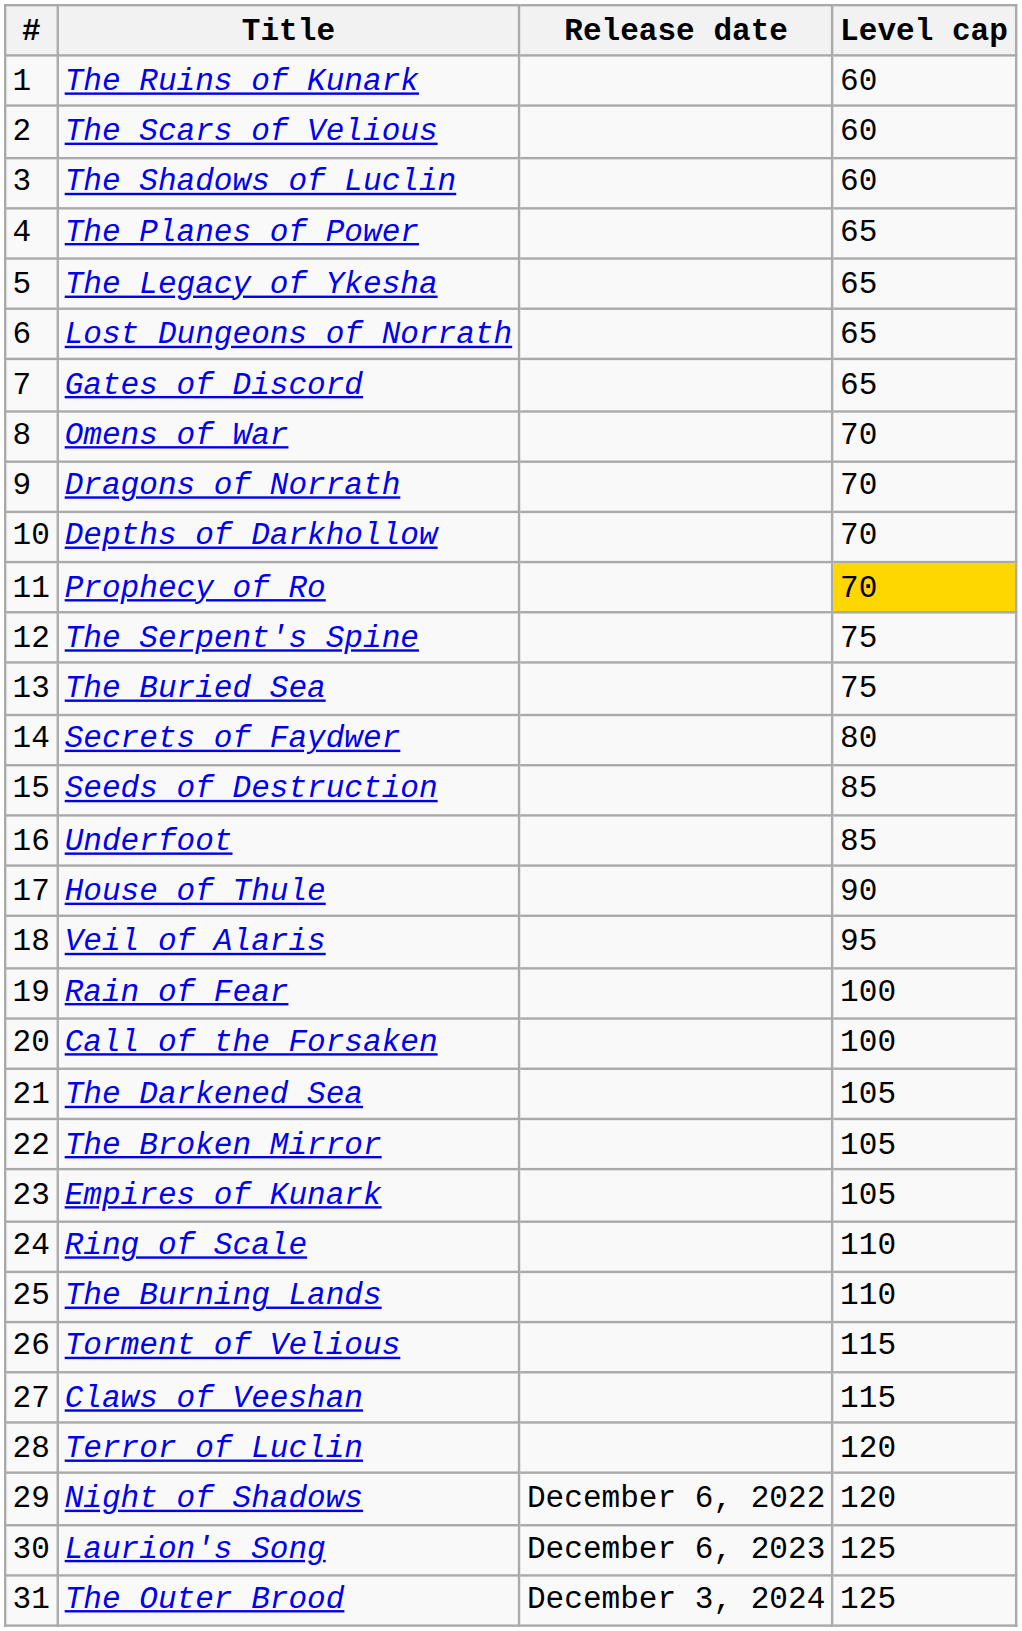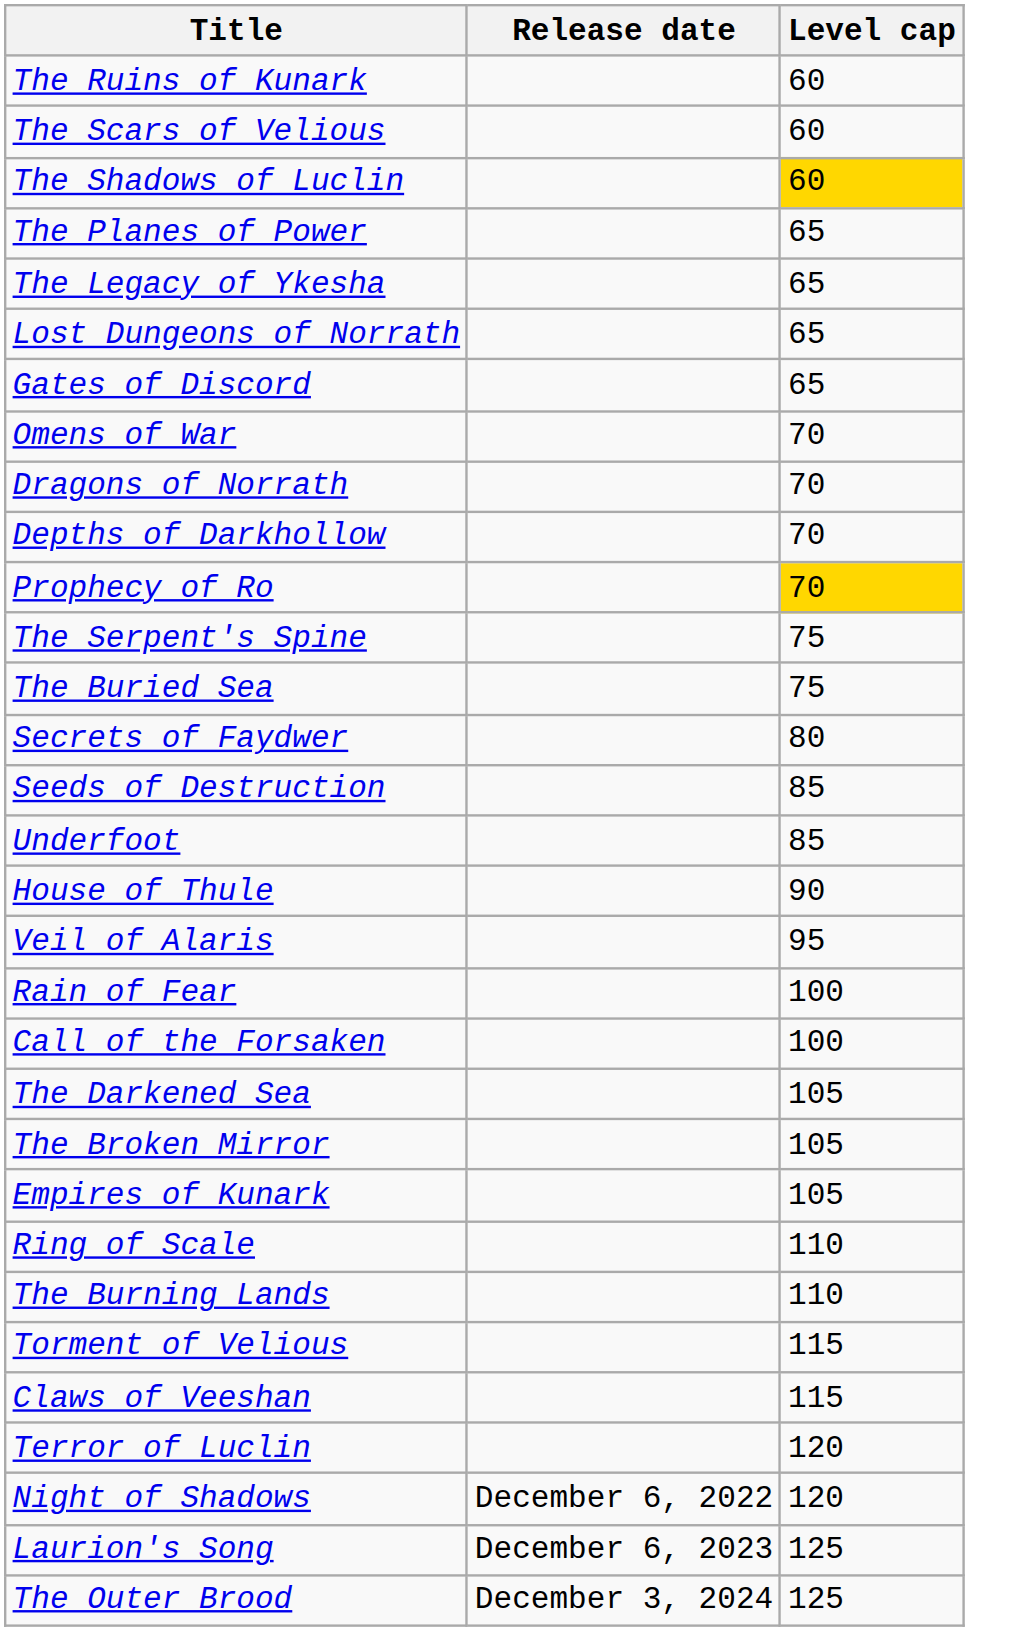 <table class="wikitable sortable">
 <tr>
-<th>#</th>
 <th>Title</th>
 <th>Release date</th>
 <th>Level cap</th>
 </tr>
 <tr>
-<td>1</td>
 <td data-sort-value="Ruins of Kunark"><em><a href='#'>The Ruins of Kunark</a></em></td>
 <td></td>
 <td>60</td>
 </tr>
 <tr>
-<td>2</td>
 <td data-sort-value="Scars of Velious"><em><a href='#'>The Scars of Velious</a></em></td>
 <td></td>
 <td>60</td>
 </tr>
 <tr>
-<td>3</td>
 <td data-sort-value="Shadows of Luclin"><em><a href='#'>The Shadows of Luclin</a></em></td>
 <td></td>
-<td>60</td>
+<td style="background: gold;">60</td>
 </tr>
 <tr>
-<td>4</td>
 <td data-sort-value="Planes of Power"><em><a href='#'>The Planes of Power</a></em></td>
 <td></td>
 <td>65</td>
 </tr>
 <tr>
-<td>5</td>
 <td data-sort-value="Legacy of the Ykesha"><em><a href='#'>The Legacy of Ykesha</a></em></td>
 <td></td>
 <td>65</td>
 </tr>
 <tr>
-<td>6</td>
 <td><em><a href='#'>Lost Dungeons of Norrath</a></em></td>
 <td></td>
 <td>65</td>
 </tr>
 <tr>
-<td>7</td>
 <td><em><a href='#'>Gates of Discord</a></em></td>
 <td></td>
 <td>65</td>
 </tr>
 <tr>
-<td>8</td>
 <td><em><a href='#'>Omens of War</a></em></td>
 <td></td>
 <td>70</td>
 </tr>
 <tr>
-<td>9</td>
 <td><em><a href='#'>Dragons of Norrath</a></em></td>
 <td></td>
 <td>70</td>
 </tr>
 <tr>
-<td>10</td>
 <td><em><a href='#'>Depths of Darkhollow</a></em></td>
 <td></td>
 <td>70</td>
 </tr>
 <tr>
-<td>11</td>
 <td><em><a href='#'>Prophecy of Ro</a></em></td>
 <td></td>
 <td style="background: gold;">70</td>
 </tr>
 <tr>
-<td>12</td>
 <td data-sort-value="Serpent's Spine"><em><a href='#'>The Serpent's Spine</a></em></td>
 <td></td>
 <td>75</td>
 </tr>
 <tr>
-<td>13</td>
 <td data-sort-value="Buried Sea"><em><a href='#'>The Buried Sea</a></em></td>
 <td></td>
 <td>75</td>
 </tr>
 <tr>
-<td>14</td>
 <td><em><a href='#'>Secrets of Faydwer</a></em></td>
 <td></td>
 <td>80</td>
 </tr>
 <tr>
-<td>15</td>
 <td><em><a href='#'>Seeds of Destruction</a></em></td>
 <td></td>
 <td>85</td>
 </tr>
 <tr>
-<td>16</td>
 <td><em><a href='#'>Underfoot</a></em></td>
 <td></td>
 <td>85</td>
 </tr>
 <tr>
-<td>17</td>
 <td><em><a href='#'>House of Thule</a></em></td>
 <td></td>
 <td>90</td>
 </tr>
 <tr>
-<td>18</td>
 <td><em><a href='#'>Veil of Alaris</a></em></td>
 <td></td>
 <td>95</td>
 </tr>
 <tr>
-<td>19</td>
 <td><em><a href='#'>Rain of Fear</a></em></td>
 <td></td>
 <td>100</td>
 </tr>
 <tr>
-<td>20</td>
 <td><em><a href='#'>Call of the Forsaken</a></em></td>
 <td></td>
 <td>100</td>
 </tr>
 <tr>
-<td>21</td>
 <td data-sort-value="Darkened Sea"><em><a href='#'>The Darkened Sea</a></em></td>
 <td></td>
 <td>105</td>
 </tr>
 <tr>
-<td>22</td>
 <td data-sort-value="Broken Mirror"><em><a href='#'>The Broken Mirror</a></em></td>
 <td></td>
 <td>105</td>
 </tr>
 <tr>
-<td>23</td>
 <td><em><a href='#'>Empires of Kunark</a></em></td>
 <td></td>
 <td>105</td>
 </tr>
 <tr>
-<td>24</td>
 <td><em><a href='#'>Ring of Scale</a></em></td>
 <td></td>
 <td>110</td>
 </tr>
 <tr>
-<td>25</td>
 <td data-sort-value="Burning Lands: The Burning Lands"><em><a href='#'>The Burning Lands</a></em></td>
 <td></td>
 <td>110</td>
 </tr>
 <tr>
-<td>26</td>
 <td><em><a href='#'>Torment of Velious</a></em></td>
 <td></td>
 <td>115</td>
 </tr>
 <tr>
-<td>27</td>
 <td><em><a href='#'>Claws of Veeshan</a></em></td>
 <td></td>
 <td>115</td>
 </tr>
 <tr>
-<td>28</td>
 <td><em><a href='#'>Terror of Luclin</a></em></td>
 <td></td>
 <td>120</td>
 </tr>
 <tr>
-<td>29</td>
 <td><em><a href='#'>Night of Shadows</a></em></td>
 <td>December 6, 2022</td>
 <td>120</td>
 </tr>
 <tr>
-<td>30</td>
 <td><em><a href='#'>Laurion's Song</a></em></td>
 <td>December 6, 2023</td>
 <td>125</td>
 </tr>
 <tr>
-<td>31</td>
 <td data-sort-value="Outer Brood"><em><a href='#'>The Outer Brood</a></em></td>
 <td>December 3, 2024</td>
 <td>125</td>
 </tr>
 </table>
